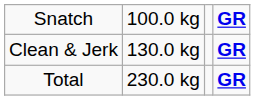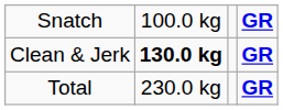 <table class = "wikitable" style="text-align:center;">
 <tr>
 <td>Snatch</td>
 <td>100.0 kg</td>
 <td align=left></td>
 <td><strong><a href='#'>GR</a></strong></td>
 </tr>
 <tr>
 <td>Clean & Jerk</td>
-<td>130.0 kg</td>
+<td><strong>130.0 kg</strong></td>
 <td align=left></td>
 <td><strong><a href='#'>GR</a></strong></td>
 </tr>
 <tr>
 <td>Total</td>
 <td>230.0 kg</td>
 <td align=left></td>
 <td><strong><a href='#'>GR</a></strong></td>
 </tr>
 </table>
